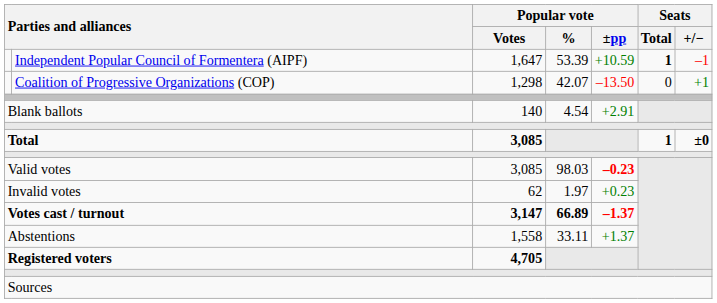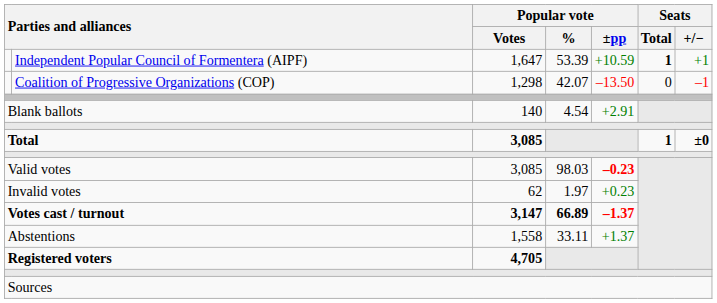 <table class="wikitable" style="text-align:right;">
 <tr>
 <th style="text-align:left;" rowspan="2" colspan="2" width="525">Parties and alliances</th>
 <th colspan="3">Popular vote</th>
 <th colspan="2">Seats</th>
 </tr>
 <tr>
 <th width="75">Votes</th>
 <th width="45">%</th>
 <th width="45">±<a href='#'>pp</a></th>
 <th width="35">Total</th>
 <th width="35">+/−</th>
 </tr>
 <tr>
 <td width="1" style="color:inherit;background:"></td>
 <td align="left"><a href='#'>Independent Popular Council of Formentera</a> (AIPF)</td>
 <td>1,647</td>
 <td>53.39</td>
 <td style="color:green;">+10.59</td>
 <td><strong>1</strong></td>
-<td style="color:red;">–1</td>
+<td style="color:green;">+1</td>
 </tr>
 <tr>
 <td style="color:inherit;background:"></td>
 <td align="left"><a href='#'>Coalition of Progressive Organizations</a> (COP)</td>
 <td>1,298</td>
 <td>42.07</td>
 <td style="color:red;">–13.50</td>
 <td>0</td>
-<td style="color:green;">+1</td>
+<td style="color:red;">–1</td>
 </tr>
 <tr>
 <td colspan="7" bgcolor="#C0C0C0"></td>
 </tr>
 <tr>
 <td align="left" colspan="2">Blank ballots</td>
 <td>140</td>
 <td>4.54</td>
 <td style="color:green;">+2.91</td>
 <td bgcolor="#E9E9E9" colspan="2"></td>
 </tr>
 <tr>
 <td colspan="7" bgcolor="#E9E9E9"></td>
 </tr>
 <tr style="font-weight:bold;">
 <td align="left" colspan="2">Total</td>
 <td>3,085</td>
 <td bgcolor="#E9E9E9" colspan="2"></td>
 <td>1</td>
 <td>±0</td>
 </tr>
 <tr>
 <td colspan="7" bgcolor="#E9E9E9"></td>
 </tr>
 <tr>
 <td align="left" colspan="2">Valid votes</td>
 <td>3,085</td>
 <td>98.03</td>
 <td style="color:red;"><strong>–0.23</strong></td>
 <td bgcolor="#E9E9E9" colspan="2" rowspan="5"></td>
 </tr>
 <tr>
 <td align="left" colspan="2">Invalid votes</td>
 <td>62</td>
 <td>1.97</td>
 <td style="color:green;">+0.23</td>
 </tr>
 <tr style="font-weight:bold;">
 <td align="left" colspan="2">Votes cast / turnout</td>
 <td>3,147</td>
 <td>66.89</td>
 <td style="color:red;">–1.37</td>
 </tr>
 <tr>
 <td align="left" colspan="2">Abstentions</td>
 <td>1,558</td>
 <td>33.11</td>
 <td style="color:green;">+1.37</td>
 </tr>
 <tr style="font-weight:bold;">
 <td align="left" colspan="2">Registered voters</td>
 <td>4,705</td>
 <td bgcolor="#E9E9E9" colspan="2"></td>
 </tr>
 <tr>
 <td colspan="7" bgcolor="#E9E9E9"></td>
 </tr>
 <tr>
 <td align="left" colspan="7">Sources</td>
 </tr>
 </table>
